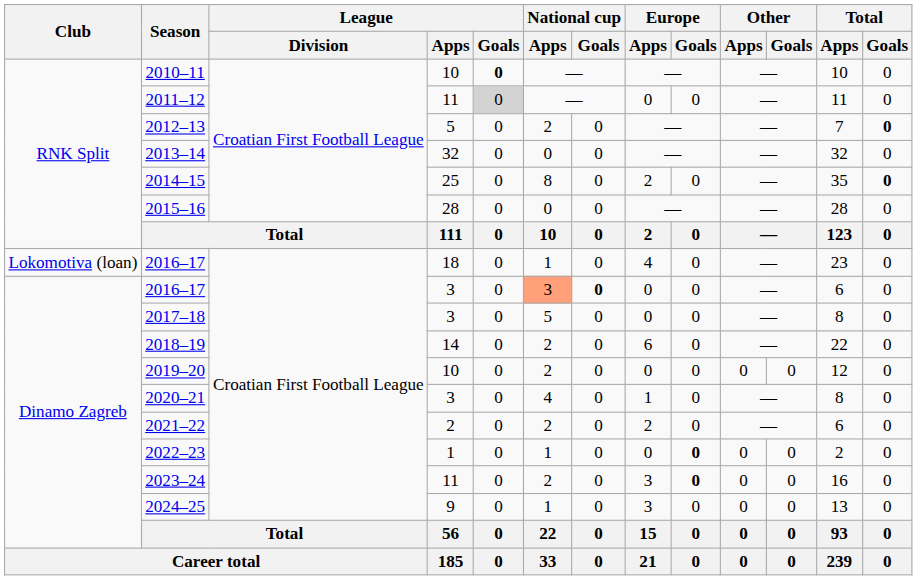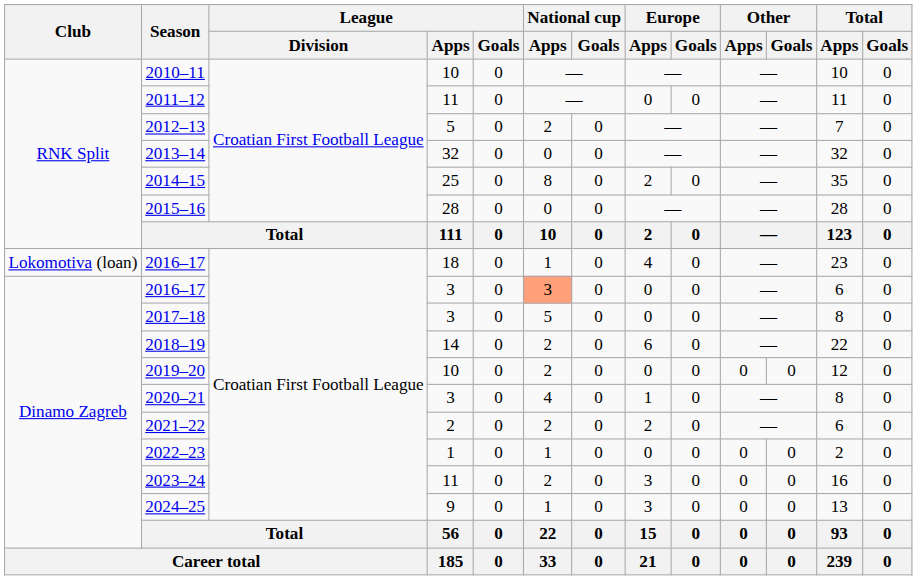 <table class="wikitable" style="text-align:center">
 <tr>
 <th rowspan="2">Club</th>
 <th rowspan="2">Season</th>
 <th colspan="3">League</th>
 <th colspan="2">National cup</th>
 <th colspan="2">Europe</th>
 <th colspan="2">Other</th>
 <th colspan="2">Total</th>
 </tr>
 <tr>
 <th>Division</th>
 <th>Apps</th>
 <th>Goals</th>
 <th>Apps</th>
 <th>Goals</th>
 <th>Apps</th>
 <th>Goals</th>
 <th>Apps</th>
 <th>Goals</th>
 <th>Apps</th>
 <th>Goals</th>
 </tr>
 <tr>
 <td rowspan=7><a href='#'>RNK Split</a></td>
 <td><a href='#'>2010–11</a></td>
 <td rowspan=6><a href='#'>Croatian First Football League</a></td>
 <td>10</td>
-<td><strong>0</strong></td>
+<td>0</td>
 <td colspan="2">—</td>
 <td colspan="2">—</td>
 <td colspan="2">—</td>
 <td>10</td>
 <td>0</td>
 </tr>
 <tr>
 <td><a href='#'>2011–12</a></td>
 <td>11</td>
-<td style="background: lightgrey;">0</td>
+<td>0</td>
 <td colspan="2">—</td>
 <td>0</td>
 <td>0</td>
 <td colspan="2">—</td>
 <td>11</td>
 <td>0</td>
 </tr>
 <tr>
 <td><a href='#'>2012–13</a></td>
 <td>5</td>
 <td>0</td>
 <td>2</td>
 <td>0</td>
 <td colspan="2">—</td>
 <td colspan="2">—</td>
 <td>7</td>
-<td><strong>0</strong></td>
+<td>0</td>
 </tr>
 <tr>
 <td><a href='#'>2013–14</a></td>
 <td>32</td>
 <td>0</td>
 <td>0</td>
 <td>0</td>
 <td colspan="2">—</td>
 <td colspan="2">—</td>
 <td>32</td>
 <td>0</td>
 </tr>
 <tr>
 <td><a href='#'>2014–15</a></td>
 <td>25</td>
 <td>0</td>
 <td>8</td>
 <td>0</td>
 <td>2</td>
 <td>0</td>
 <td colspan="2">—</td>
 <td>35</td>
-<td><strong>0</strong></td>
+<td>0</td>
 </tr>
 <tr>
 <td><a href='#'>2015–16</a></td>
 <td>28</td>
 <td>0</td>
 <td>0</td>
 <td>0</td>
 <td colspan="2">—</td>
 <td colspan="2">—</td>
 <td>28</td>
 <td>0</td>
 </tr>
 <tr>
 <th colspan=2>Total</th>
 <th>111</th>
 <th>0</th>
 <th>10</th>
 <th>0</th>
 <th>2</th>
 <th>0</th>
 <th colspan="2">—</th>
 <th>123</th>
 <th>0</th>
 </tr>
 <tr>
 <td><a href='#'>Lokomotiva</a> (loan)</td>
 <td><a href='#'>2016–17</a></td>
 <td rowspan=10>Croatian First Football League</td>
 <td>18</td>
 <td>0</td>
 <td>1</td>
 <td>0</td>
 <td>4</td>
 <td>0</td>
 <td colspan="2">—</td>
 <td>23</td>
 <td>0</td>
 </tr>
 <tr>
 <td rowspan=10><a href='#'>Dinamo Zagreb</a></td>
 <td><a href='#'>2016–17</a></td>
 <td>3</td>
 <td>0</td>
 <td style="background: lightsalmon;">3</td>
-<td><strong>0</strong></td>
+<td>0</td>
 <td>0</td>
 <td>0</td>
 <td colspan="2">—</td>
 <td>6</td>
 <td>0</td>
 </tr>
 <tr>
 <td><a href='#'>2017–18</a></td>
 <td>3</td>
 <td>0</td>
 <td>5</td>
 <td>0</td>
 <td>0</td>
 <td>0</td>
 <td colspan="2">—</td>
 <td>8</td>
 <td>0</td>
 </tr>
 <tr>
 <td><a href='#'>2018–19</a></td>
 <td>14</td>
 <td>0</td>
 <td>2</td>
 <td>0</td>
 <td>6</td>
 <td>0</td>
 <td colspan="2">—</td>
 <td>22</td>
 <td>0</td>
 </tr>
 <tr>
 <td><a href='#'>2019–20</a></td>
 <td>10</td>
 <td>0</td>
 <td>2</td>
 <td>0</td>
 <td>0</td>
 <td>0</td>
 <td>0</td>
 <td>0</td>
 <td>12</td>
 <td>0</td>
 </tr>
 <tr>
 <td><a href='#'>2020–21</a></td>
 <td>3</td>
 <td>0</td>
 <td>4</td>
 <td>0</td>
 <td>1</td>
 <td>0</td>
 <td colspan="2">—</td>
 <td>8</td>
 <td>0</td>
 </tr>
 <tr>
 <td><a href='#'>2021–22</a></td>
 <td>2</td>
 <td>0</td>
 <td>2</td>
 <td>0</td>
 <td>2</td>
 <td>0</td>
 <td colspan="2">—</td>
 <td>6</td>
 <td>0</td>
 </tr>
 <tr>
 <td><a href='#'>2022–23</a></td>
 <td>1</td>
 <td>0</td>
 <td>1</td>
 <td>0</td>
 <td>0</td>
-<td><strong>0</strong></td>
+<td>0</td>
 <td>0</td>
 <td>0</td>
 <td>2</td>
 <td>0</td>
 </tr>
 <tr>
 <td><a href='#'>2023–24</a></td>
 <td>11</td>
 <td>0</td>
 <td>2</td>
 <td>0</td>
 <td>3</td>
-<td><strong>0</strong></td>
+<td>0</td>
 <td>0</td>
 <td>0</td>
 <td>16</td>
 <td>0</td>
 </tr>
 <tr>
 <td><a href='#'>2024–25</a></td>
 <td>9</td>
 <td>0</td>
 <td>1</td>
 <td>0</td>
 <td>3</td>
 <td>0</td>
 <td>0</td>
 <td>0</td>
 <td>13</td>
 <td>0</td>
 </tr>
 <tr>
 <th colspan=2>Total</th>
 <th>56</th>
 <th>0</th>
 <th>22</th>
 <th>0</th>
 <th>15</th>
 <th>0</th>
 <th>0</th>
 <th>0</th>
 <th>93</th>
 <th>0</th>
 </tr>
 <tr>
 <th colspan=3><strong>Career total</strong></th>
 <th>185</th>
 <th>0</th>
 <th>33</th>
 <th>0</th>
 <th>21</th>
 <th>0</th>
 <th>0</th>
 <th>0</th>
 <th>239</th>
 <th>0</th>
 </tr>
 </table>
